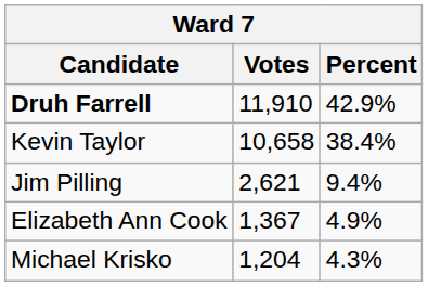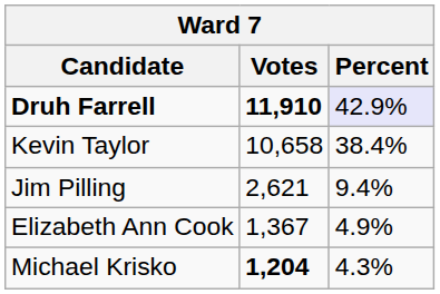 <table class="wikitable">
 <tr>
 <th colspan="3">Ward 7</th>
 </tr>
 <tr>
 <th>Candidate</th>
 <th>Votes</th>
 <th>Percent</th>
 </tr>
 <tr>
 <td><strong>Druh Farrell</strong></td>
-<td>11,910</td>
-<td>42.9%</td>
+<td><strong>11,910</strong></td>
+<td style="background: lavender;">42.9%</td>
 </tr>
 <tr>
 <td>Kevin Taylor</td>
 <td>10,658</td>
 <td>38.4%</td>
 </tr>
 <tr>
 <td>Jim Pilling</td>
 <td>2,621</td>
 <td>9.4%</td>
 </tr>
 <tr>
 <td>Elizabeth Ann Cook</td>
 <td>1,367</td>
 <td>4.9%</td>
 </tr>
 <tr>
 <td>Michael Krisko</td>
-<td>1,204</td>
+<td><strong>1,204</strong></td>
 <td>4.3%</td>
 </tr>
 </table>
